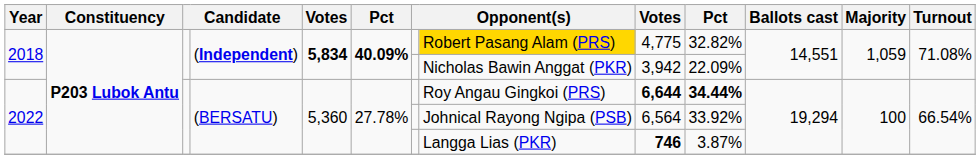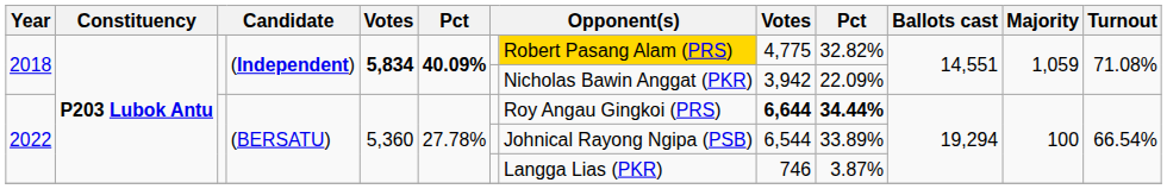 <table class="wikitable" style="margin:0.5em ; font-size:95%">
 <tr>
 <th>Year</th>
 <th>Constituency</th>
 <th colspan="2">Candidate</th>
 <th>Votes</th>
 <th>Pct</th>
 <th colspan=2>Opponent(s)</th>
 <th>Votes</th>
 <th>Pct</th>
 <th>Ballots cast</th>
 <th>Majority</th>
 <th>Turnout</th>
 </tr>
 <tr>
 <td rowspan=2><a href='#'>2018</a></td>
 <td rowspan="5"><strong>P203 <a href='#'>Lubok Antu</a></strong></td>
 <td rowspan=2 ></td>
 <td rowspan=2> (<a href='#'><strong>Independent</strong></a>)</td>
 <td rowspan=2 align="right"><strong>5,834</strong></td>
 <td rowspan=2 align="right"><strong>40.09%</strong></td>
 <td></td>
 <td style="background: gold;">Robert Pasang Alam (<a href='#'>PRS</a>)</td>
 <td align="right">4,775</td>
 <td align="right">32.82%</td>
 <td rowspan=2 align="right">14,551</td>
 <td rowspan=2 align="right">1,059</td>
 <td rowspan=2 align="right">71.08%</td>
 </tr>
 <tr>
 <td></td>
 <td>Nicholas Bawin Anggat (<a href='#'>PKR</a>)</td>
 <td align="right">3,942</td>
 <td align="right">22.09%</td>
 </tr>
 <tr>
 <td rowspan="3"><a href='#'>2022</a></td>
 <td rowspan="3"></td>
 <td rowspan="3"> (<a href='#'>BERSATU</a>)</td>
 <td rowspan="3" align="right">5,360</td>
 <td rowspan="3" align="right">27.78%</td>
 <td></td>
 <td>Roy Angau Gingkoi (<a href='#'>PRS</a>)</td>
 <td align="right"><strong>6,644</strong></td>
 <td align="right"><strong>34.44%</strong></td>
 <td rowspan="3" align="right">19,294</td>
 <td rowspan="3" align="right">100</td>
 <td rowspan="3" align="right">66.54%</td>
 </tr>
 <tr>
 <td></td>
 <td>Johnical Rayong Ngipa (<a href='#'>PSB</a>)</td>
-<td align="right">6,564</td>
-<td align="right">33.92%</td>
+<td align="right">6,544</td>
+<td align="right">33.89%</td>
 </tr>
 <tr>
 <td></td>
 <td>Langga Lias (<a href='#'>PKR</a>)</td>
-<td align="right"><strong>746</strong></td>
+<td align="right">746</td>
 <td align="right">3.87%</td>
 </tr>
 <tr>
 </tr>
 </table>
